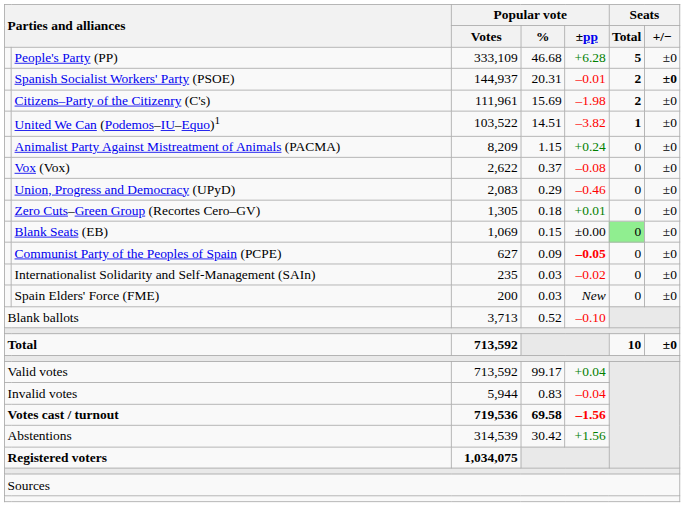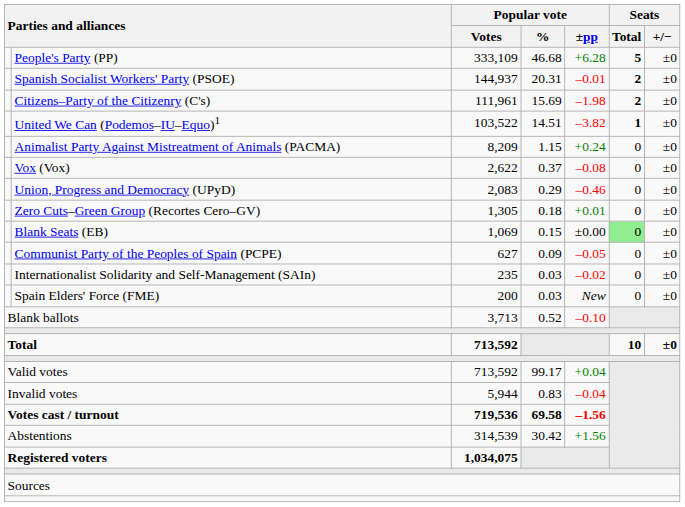 <table class="wikitable" style="text-align:right;">
 <tr>
 <th style="text-align:left;" rowspan="2" colspan="2" width="525">Parties and alliances</th>
 <th colspan="3">Popular vote</th>
 <th colspan="2">Seats</th>
 </tr>
 <tr>
 <th width="75">Votes</th>
 <th width="45">%</th>
 <th width="45">±<a href='#'>pp</a></th>
 <th width="35">Total</th>
 <th width="35">+/−</th>
 </tr>
 <tr>
 <td width="1" style="color:inherit;background:"></td>
 <td align="left"><a href='#'>People's Party</a> (PP)</td>
 <td>333,109</td>
 <td>46.68</td>
 <td style="color:green;">+6.28</td>
 <td><strong>5</strong></td>
 <td>±0</td>
 </tr>
 <tr>
 <td style="color:inherit;background:"></td>
 <td align="left"><a href='#'>Spanish Socialist Workers' Party</a> (PSOE)</td>
 <td>144,937</td>
 <td>20.31</td>
 <td style="color:red;">–0.01</td>
 <td><strong>2</strong></td>
-<td><strong>±0</strong></td>
+<td>±0</td>
 </tr>
 <tr>
 <td style="color:inherit;background:"></td>
 <td align="left"><a href='#'>Citizens–Party of the Citizenry</a> (C's)</td>
 <td>111,961</td>
 <td>15.69</td>
 <td style="color:red;">–1.98</td>
 <td><strong>2</strong></td>
 <td>±0</td>
 </tr>
 <tr>
 <td style="color:inherit;background:"></td>
 <td align="left"><a href='#'>United We Can</a> (<a href='#'>Podemos</a>–<a href='#'>IU</a>–<a href='#'>Equo</a>)<sup>1</sup></td>
 <td>103,522</td>
 <td>14.51</td>
 <td style="color:red;">–3.82</td>
 <td><strong>1</strong></td>
 <td>±0</td>
 </tr>
 <tr>
 <td style="color:inherit;background:"></td>
 <td align="left"><a href='#'>Animalist Party Against Mistreatment of Animals</a> (PACMA)</td>
 <td>8,209</td>
 <td>1.15</td>
 <td style="color:green;">+0.24</td>
 <td>0</td>
 <td>±0</td>
 </tr>
 <tr>
 <td style="color:inherit;background:"></td>
 <td align="left"><a href='#'>Vox</a> (Vox)</td>
 <td>2,622</td>
 <td>0.37</td>
 <td style="color:red;">–0.08</td>
 <td>0</td>
 <td>±0</td>
 </tr>
 <tr>
 <td style="color:inherit;background:"></td>
 <td align="left"><a href='#'>Union, Progress and Democracy</a> (UPyD)</td>
 <td>2,083</td>
 <td>0.29</td>
 <td style="color:red;">–0.46</td>
 <td>0</td>
 <td>±0</td>
 </tr>
 <tr>
 <td style="color:inherit;background:"></td>
 <td align="left"><a href='#'>Zero Cuts</a>–<a href='#'>Green Group</a> (Recortes Cero–GV)</td>
 <td>1,305</td>
 <td>0.18</td>
 <td style="color:green;">+0.01</td>
 <td>0</td>
 <td>±0</td>
 </tr>
 <tr>
 <td style="color:inherit;background:"></td>
 <td align="left"><a href='#'>Blank Seats</a> (EB)</td>
 <td>1,069</td>
 <td>0.15</td>
 <td>±0.00</td>
 <td style="background: lightgreen;">0</td>
 <td>±0</td>
 </tr>
 <tr>
 <td style="color:inherit;background:"></td>
 <td align="left"><a href='#'>Communist Party of the Peoples of Spain</a> (PCPE)</td>
 <td>627</td>
 <td>0.09</td>
-<td style="color:red;"><strong>–0.05</strong></td>
+<td style="color:red;">–0.05</td>
 <td>0</td>
 <td>±0</td>
 </tr>
 <tr>
 <td style="color:inherit;background:"></td>
 <td align="left">Internationalist Solidarity and Self-Management (SAIn)</td>
 <td>235</td>
 <td>0.03</td>
 <td style="color:red;">–0.02</td>
 <td>0</td>
 <td>±0</td>
 </tr>
 <tr>
 <td style="color:inherit;background:"></td>
 <td align="left">Spain Elders' Force (FME)</td>
 <td>200</td>
 <td>0.03</td>
 <td><em>New</em></td>
 <td>0</td>
 <td>±0</td>
 </tr>
 <tr>
 <td align="left" colspan="2">Blank ballots</td>
 <td>3,713</td>
 <td>0.52</td>
 <td style="color:red;">–0.10</td>
 <td bgcolor="#E9E9E9" colspan="2"></td>
 </tr>
 <tr>
 <td colspan="7" bgcolor="#E9E9E9"></td>
 </tr>
 <tr style="font-weight:bold;">
 <td align="left" colspan="2">Total</td>
 <td>713,592</td>
 <td bgcolor="#E9E9E9" colspan="2"></td>
 <td>10</td>
 <td>±0</td>
 </tr>
 <tr>
 <td colspan="7" bgcolor="#E9E9E9"></td>
 </tr>
 <tr>
 <td align="left" colspan="2">Valid votes</td>
 <td>713,592</td>
 <td>99.17</td>
 <td style="color:green;">+0.04</td>
 <td bgcolor="#E9E9E9" colspan="2" rowspan="5"></td>
 </tr>
 <tr>
 <td align="left" colspan="2">Invalid votes</td>
 <td>5,944</td>
 <td>0.83</td>
 <td style="color:red;">–0.04</td>
 </tr>
 <tr style="font-weight:bold;">
 <td align="left" colspan="2">Votes cast / turnout</td>
 <td>719,536</td>
 <td>69.58</td>
 <td style="color:red;">–1.56</td>
 </tr>
 <tr>
 <td align="left" colspan="2">Abstentions</td>
 <td>314,539</td>
 <td>30.42</td>
 <td style="color:green;">+1.56</td>
 </tr>
 <tr style="font-weight:bold;">
 <td align="left" colspan="2">Registered voters</td>
 <td>1,034,075</td>
 <td bgcolor="#E9E9E9" colspan="2"></td>
 </tr>
 <tr>
 <td colspan="7" bgcolor="#E9E9E9"></td>
 </tr>
 <tr>
 <td align="left" colspan="7">Sources</td>
 </tr>
 <tr>
 <td colspan="7" style="text-align:left; max-width:790px;"></td>
 </tr>
 </table>
